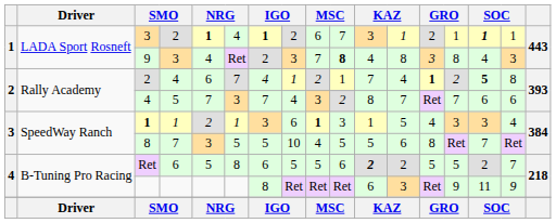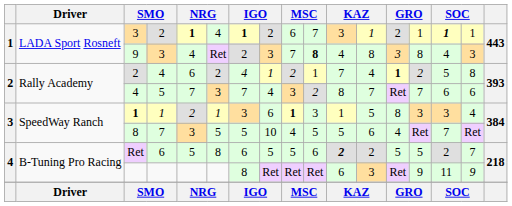 <table class="wikitable" style="font-size: 85%; text-align: center">
 <tr valign="top">
 <th valign="middle"></th>
 <th valign="middle">Driver</th>
 <th colspan=2><a href='#'>SMO</a></th>
 <th colspan=2><a href='#'>NRG</a></th>
 <th colspan=2><a href='#'>IGO</a></th>
 <th colspan=2><a href='#'>MSC</a></th>
 <th colspan=2><a href='#'>KAZ</a></th>
 <th colspan=2><a href='#'>GRO</a></th>
 <th colspan=2><a href='#'>SOC</a></th>
 <th valign="middle"></th>
 </tr>
 <tr>
 <th rowspan="2">1</th>
 <td rowspan="2" align=left><a href='#'>LADA Sport</a> <a href='#'>Rosneft</a></td>
 <td style="background:#ffdf9f;">3</td>
 <td style="background:#dfdfdf;">2</td>
 <td style="background:#ffffbf;"><strong>1</strong></td>
 <td style="background:#dfffdf;">4</td>
 <td style="background:#ffffbf;"><strong>1</strong></td>
 <td style="background:#dfdfdf;">2</td>
 <td style="background:#dfffdf;">6</td>
 <td style="background:#dfffdf;">7</td>
 <td style="background:#ffdf9f;">3</td>
 <td style="background:#ffffbf;"><em>1</em></td>
 <td style="background:#dfdfdf;">2</td>
 <td style="background:#ffffbf;">1</td>
 <td style="background:#ffffbf;"><strong><em>1</em></strong></td>
 <td style="background:#ffffbf;">1</td>
 <th rowspan="2">443</th>
 </tr>
 <tr>
 <td style="background:#dfffdf;">9</td>
 <td style="background:#ffdf9f;">3</td>
 <td style="background:#dfffdf;">4</td>
 <td style="background:#efcfff;">Ret</td>
 <td style="background:#dfdfdf;">2</td>
 <td style="background:#ffdf9f;">3</td>
 <td style="background:#dfffdf;">7</td>
 <td style="background:#dfffdf;"><strong>8</strong></td>
 <td style="background:#dfffdf;">4</td>
 <td style="background:#dfffdf;">8</td>
 <td style="background:#ffdf9f;"><em>3</em></td>
 <td style="background:#dfffdf;">8</td>
 <td style="background:#dfffdf;">4</td>
 <td style="background:#ffdf9f;">3</td>
 </tr>
 <tr>
 <th rowspan="2">2</th>
 <td rowspan="2" align=left>Rally Academy</td>
 <td style="background:#dfdfdf;">2</td>
 <td style="background:#dfffdf;">4</td>
 <td style="background:#dfffdf;">6</td>
-<td style="background:#dfdfdf;">7</td>
+<td style="background:#dfdfdf;">2</td>
 <td style="background:#dfffdf;"><em>4</em></td>
 <td style="background:#ffffbf;"><em>1</em></td>
 <td style="background:#dfdfdf;"><em>2</em></td>
 <td style="background:#ffffbf;">1</td>
 <td style="background:#dfffdf;">7</td>
 <td style="background:#dfffdf;">4</td>
 <td style="background:#ffffbf;"><strong>1</strong></td>
 <td style="background:#dfdfdf;"><em>2</em></td>
-<td style="background:#dfffdf;"><strong>5</strong></td>
+<td style="background:#dfffdf;">5</td>
 <td style="background:#dfffdf;">8</td>
 <th rowspan="2">393</th>
 </tr>
 <tr>
 <td style="background:#dfffdf;">4</td>
 <td style="background:#dfffdf;">5</td>
 <td style="background:#dfffdf;">7</td>
 <td style="background:#ffdf9f;">3</td>
 <td style="background:#dfffdf;">7</td>
 <td style="background:#dfffdf;">4</td>
 <td style="background:#ffdf9f;">3</td>
 <td style="background:#dfdfdf;"><em>2</em></td>
 <td style="background:#dfffdf;">8</td>
 <td style="background:#dfffdf;">7</td>
 <td style="background:#efcfff;">Ret</td>
 <td style="background:#dfffdf;">7</td>
 <td style="background:#dfffdf;">6</td>
 <td style="background:#dfffdf;">6</td>
 </tr>
 <tr>
 <th rowspan="2">3</th>
 <td rowspan="2" align=left>SpeedWay Ranch</td>
 <td style="background:#ffffbf;"><strong>1</strong></td>
 <td style="width:6%;background:#ffffbf;"><em>1</em></td>
 <td style="width:6%;background:#dfdfdf;"><em>2</em></td>
 <td style="background:#ffffbf;"><em>1</em></td>
 <td style="width:6%;background:#ffdf9f;">3</td>
 <td style="background:#dfffdf;">6</td>
 <td style="background:#ffffbf;"><strong>1</strong></td>
 <td style="background:#dfffdf;">3</td>
 <td style="width:6%;background:#ffffbf;">1</td>
 <td style="width:6%;background:#dfffdf;">5</td>
-<td style="background:#dfffdf;">4</td>
+<td style="background:#dfffdf;">8</td>
 <td style="background:#ffdf9f;">3</td>
 <td style="width:6%;background:#ffdf9f;">3</td>
 <td style="background:#dfffdf;">4</td>
 <th rowspan="2">384</th>
 </tr>
 <tr>
 <td style="background:#dfffdf;">8</td>
 <td style="background:#dfffdf;">7</td>
 <td style="background:#ffdf9f;">3</td>
 <td style="background:#dfffdf;">5</td>
 <td style="background:#dfffdf;">5</td>
 <td style="background:#dfffdf;">10</td>
 <td style="background:#dfffdf;">4</td>
 <td style="background:#dfffdf;">5</td>
 <td style="background:#dfffdf;">5</td>
 <td style="background:#dfffdf;">6</td>
-<td style="background:#dfffdf;">8</td>
+<td style="background:#dfffdf;">4</td>
 <td style="background:#efcfff;">Ret</td>
 <td style="background:#dfffdf;">7</td>
 <td style="background:#efcfff;">Ret</td>
 </tr>
 <tr>
 <th rowspan="2">4</th>
 <td rowspan="2" align=left>B-Tuning Pro Racing</td>
 <td style="background:#efcfff;">Ret</td>
 <td style="background:#dfffdf;">6</td>
 <td style="background:#dfffdf;">5</td>
 <td style="background:#dfffdf;">8</td>
 <td style="background:#dfffdf;">6</td>
 <td style="background:#dfffdf;">5</td>
 <td style="background:#dfffdf;">5</td>
 <td style="background:#dfffdf;">6</td>
 <td style="background:#dfdfdf;"><strong><em>2</em></strong></td>
 <td style="background:#dfdfdf;">2</td>
 <td style="background:#dfffdf;">5</td>
 <td style="background:#dfffdf;">5</td>
 <td style="background:#dfdfdf;">2</td>
 <td style="background:#dfffdf;">7</td>
 <th rowspan="2">218</th>
 </tr>
 <tr>
 <td></td>
 <td></td>
 <td></td>
 <td></td>
 <td style="background:#dfffdf;">8</td>
 <td style="background:#efcfff;">Ret</td>
 <td style="background:#efcfff;">Ret</td>
 <td style="background:#efcfff;">Ret</td>
 <td style="background:#dfffdf;">6</td>
 <td style="background:#ffdf9f;">3</td>
 <td style="background:#efcfff;">Ret</td>
 <td style="background:#dfffdf;">9</td>
 <td style="background:#dfffdf;">11</td>
 <td style="background:#dfffdf;"><em>9</em></td>
 </tr>
 <tr>
 </tr>
 <tr valign="top">
 <th valign="middle"></th>
 <th valign="middle">Driver</th>
 <th colspan=2><a href='#'>SMO</a></th>
 <th colspan=2><a href='#'>NRG</a></th>
 <th colspan=2><a href='#'>IGO</a></th>
 <th colspan=2><a href='#'>MSC</a></th>
 <th colspan=2><a href='#'>KAZ</a></th>
 <th colspan=2><a href='#'>GRO</a></th>
 <th colspan=2><a href='#'>SOC</a></th>
 <th valign="middle"></th>
 </tr>
 </table>
